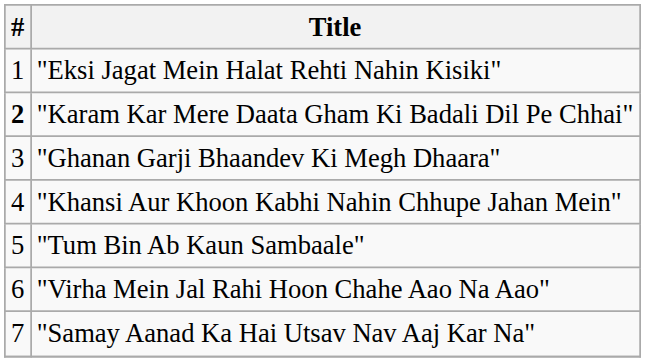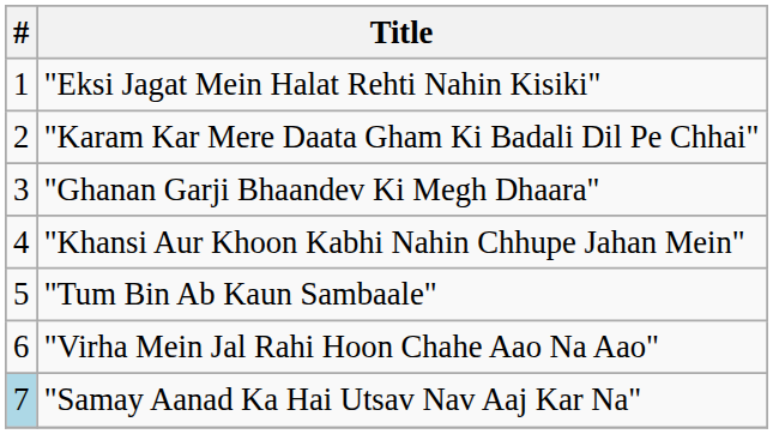 <table class="wikitable" style="font-size:95%;">
 <tr>
 <th>#</th>
 <th>Title</th>
 </tr>
 <tr>
 <td>1</td>
 <td>"Eksi Jagat Mein Halat Rehti Nahin Kisiki"</td>
 </tr>
 <tr>
-<td><strong>2</strong></td>
+<td>2</td>
 <td>"Karam Kar Mere Daata Gham Ki Badali Dil Pe Chhai"</td>
 </tr>
 <tr>
 <td>3</td>
 <td>"Ghanan Garji Bhaandev Ki Megh Dhaara"</td>
 </tr>
 <tr>
 <td>4</td>
 <td>"Khansi Aur Khoon Kabhi Nahin Chhupe Jahan Mein"</td>
 </tr>
 <tr>
 <td>5</td>
 <td>"Tum Bin Ab Kaun Sambaale"</td>
 </tr>
 <tr>
 <td>6</td>
 <td>"Virha Mein Jal Rahi Hoon Chahe Aao Na Aao"</td>
 </tr>
 <tr>
-<td>7</td>
+<td style="background: lightblue;">7</td>
 <td>"Samay Aanad Ka Hai Utsav Nav Aaj Kar Na"</td>
 </tr>
 <tr>
 </tr>
 </table>
